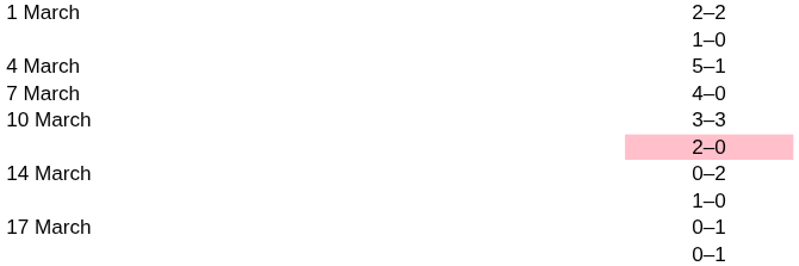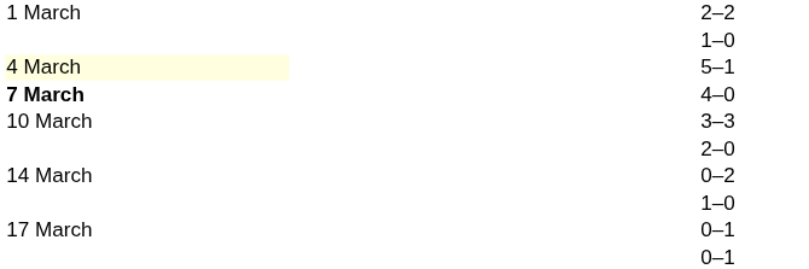 <table cellspacing=1 width=70%>
 <tr>
 <th width=25%></th>
 <th width=30%></th>
 <th width=15%></th>
 <th width=30%></th>
 </tr>
 <tr>
 <td>1 March</td>
 <td align=right></td>
 <td align=center>2–2</td>
 <td></td>
 </tr>
 <tr>
 <td></td>
 <td align=right></td>
 <td align=center>1–0</td>
 <td></td>
 </tr>
 <tr>
-<td>4 March</td>
+<td style="background: lightyellow;">4 March</td>
 <td align=right></td>
 <td align=center>5–1</td>
 <td></td>
 </tr>
 <tr>
-<td>7 March</td>
+<td><strong>7 March</strong></td>
 <td align=right></td>
 <td align=center>4–0</td>
 <td></td>
 </tr>
 <tr>
 <td>10 March</td>
 <td align=right></td>
 <td align=center>3–3</td>
 <td></td>
 </tr>
 <tr>
 <td></td>
 <td align=right></td>
-<td align=center style="background: pink;">2–0</td>
+<td align=center>2–0</td>
 <td></td>
 </tr>
 <tr>
 <td>14 March</td>
 <td align=right></td>
 <td align=center>0–2</td>
 <td></td>
 </tr>
 <tr>
 <td></td>
 <td align=right></td>
 <td align=center>1–0</td>
 <td></td>
 </tr>
 <tr>
 <td>17 March</td>
 <td align=right></td>
 <td align=center>0–1</td>
 <td></td>
 </tr>
 <tr>
 <td></td>
 <td align=right></td>
 <td align=center>0–1</td>
 <td></td>
 </tr>
 </table>
